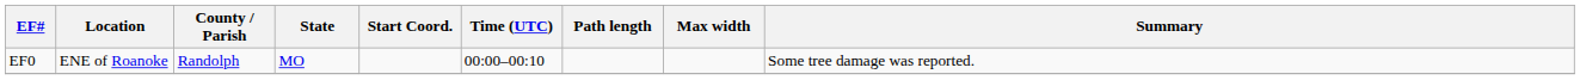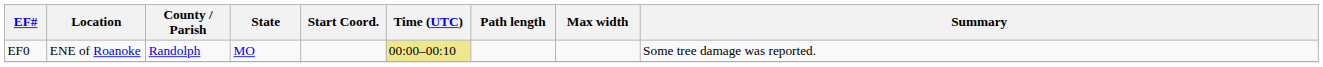 <table class="wikitable sortable" style="width:100%;">
 <tr>
 <th scope="col" width="3%" align="center"><a href='#'>EF#</a></th>
 <th scope="col" width="7%" align="center" class="unsortable">Location</th>
 <th scope="col" width="6%" align="center" class="unsortable">County / Parish</th>
 <th scope="col" width="5%" align="center">State</th>
 <th scope="col" width="6%" align="center">Start Coord.</th>
 <th scope="col" width="6%" align="center">Time (<a href='#'>UTC</a>)</th>
 <th scope="col" width="6%" align="center">Path length</th>
 <th scope="col" width="6%" align="center">Max width</th>
 <th scope="col" width="48%" class="unsortable" align="center">Summary</th>
 </tr>
 <tr>
 <td>EF0</td>
 <td>ENE of <a href='#'>Roanoke</a></td>
 <td><a href='#'>Randolph</a></td>
 <td><a href='#'>MO</a></td>
 <td></td>
-<td>00:00–00:10</td>
+<td style="background: khaki;">00:00–00:10</td>
 <td></td>
 <td></td>
 <td>Some tree damage was reported.</td>
 </tr>
 <tr>
 </tr>
 </table>
